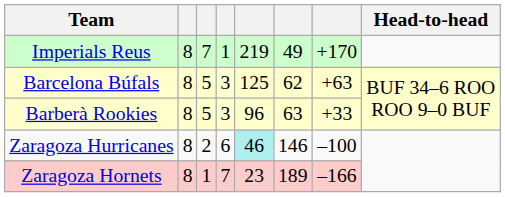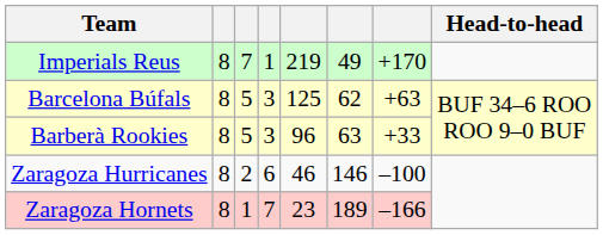 <table class="wikitable sortable" style="text-align: center;">
 <tr>
 <th>Team</th>
 <th></th>
 <th></th>
 <th></th>
 <th></th>
 <th></th>
 <th></th>
 <th>Head-to-head</th>
 </tr>
 <tr bgcolor=#ccffcc>
 <td><a href='#'>Imperials Reus</a></td>
 <td>8</td>
 <td>7</td>
 <td>1</td>
 <td>219</td>
 <td>49</td>
 <td>+170</td>
 </tr>
 <tr bgcolor=#FFFFCC>
 <td><a href='#'>Barcelona Búfals</a></td>
 <td>8</td>
 <td>5</td>
 <td>3</td>
 <td>125</td>
 <td>62</td>
 <td>+63</td>
 <td rowspan="2">BUF 34–6 ROO<br>ROO 9–0 BUF</td>
 </tr>
 <tr bgcolor=#FFFFCC>
 <td><a href='#'>Barberà Rookies</a></td>
 <td>8</td>
 <td>5</td>
 <td>3</td>
 <td>96</td>
 <td>63</td>
 <td>+33</td>
 </tr>
 <tr>
 <td><a href='#'>Zaragoza Hurricanes</a></td>
 <td>8</td>
 <td>2</td>
 <td>6</td>
-<td style="background: paleturquoise;">46</td>
+<td>46</td>
 <td>146</td>
 <td>–100</td>
 </tr>
 <tr style="background:#FFCCCC">
 <td><a href='#'>Zaragoza Hornets</a></td>
 <td>8</td>
 <td>1</td>
 <td>7</td>
 <td>23</td>
 <td>189</td>
 <td>–166</td>
 </tr>
 </table>
